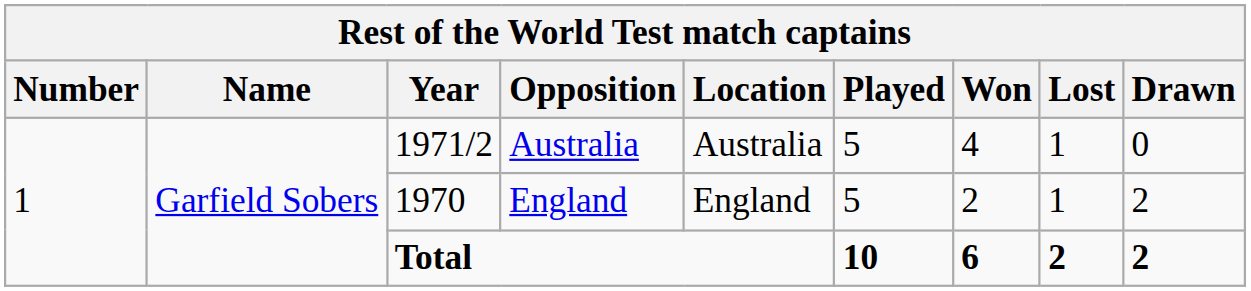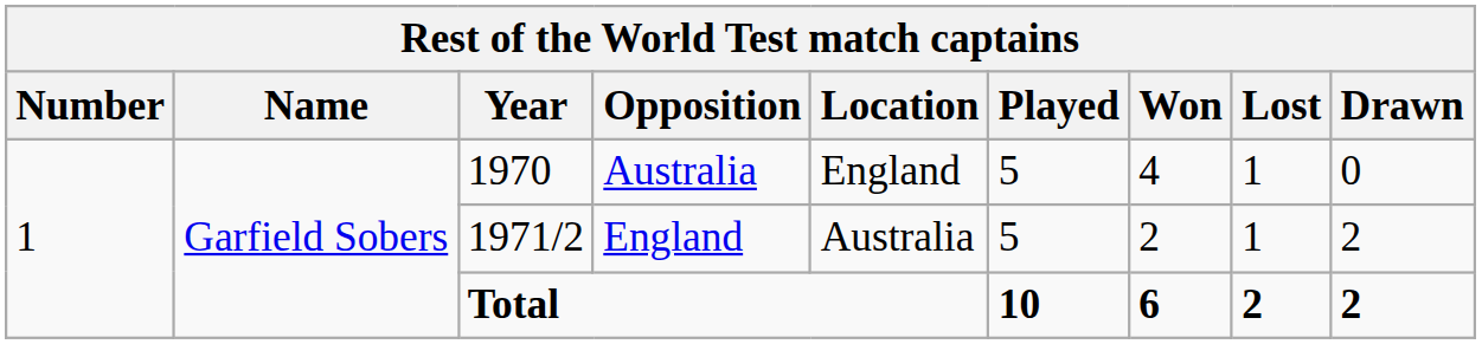 <table class="wikitable" width="90%">
 <tr>
 <th bgcolor="#efefef" colspan=9>Rest of the World Test match captains</th>
 </tr>
 <tr bgcolor="#efefef">
 <th>Number</th>
 <th>Name</th>
 <th>Year</th>
 <th>Opposition</th>
 <th>Location</th>
 <th>Played</th>
 <th>Won</th>
 <th>Lost</th>
 <th>Drawn</th>
 </tr>
 <tr>
 <td rowspan=3>1</td>
 <td rowspan="3"><a href='#'>Garfield Sobers</a></td>
-<td>1971/2</td>
+<td>1970</td>
 <td><a href='#'>Australia</a></td>
-<td>Australia</td>
+<td>England</td>
 <td>5</td>
 <td>4</td>
 <td>1</td>
 <td>0</td>
 </tr>
 <tr>
-<td>1970</td>
+<td>1971/2</td>
 <td><a href='#'>England</a></td>
-<td>England</td>
+<td>Australia</td>
 <td>5</td>
 <td>2</td>
 <td>1</td>
 <td>2</td>
 </tr>
 <tr>
 <td colspan=3><strong>Total</strong></td>
 <td><strong>10</strong></td>
 <td><strong>6</strong></td>
 <td><strong>2</strong></td>
 <td><strong>2</strong></td>
 </tr>
 </table>
